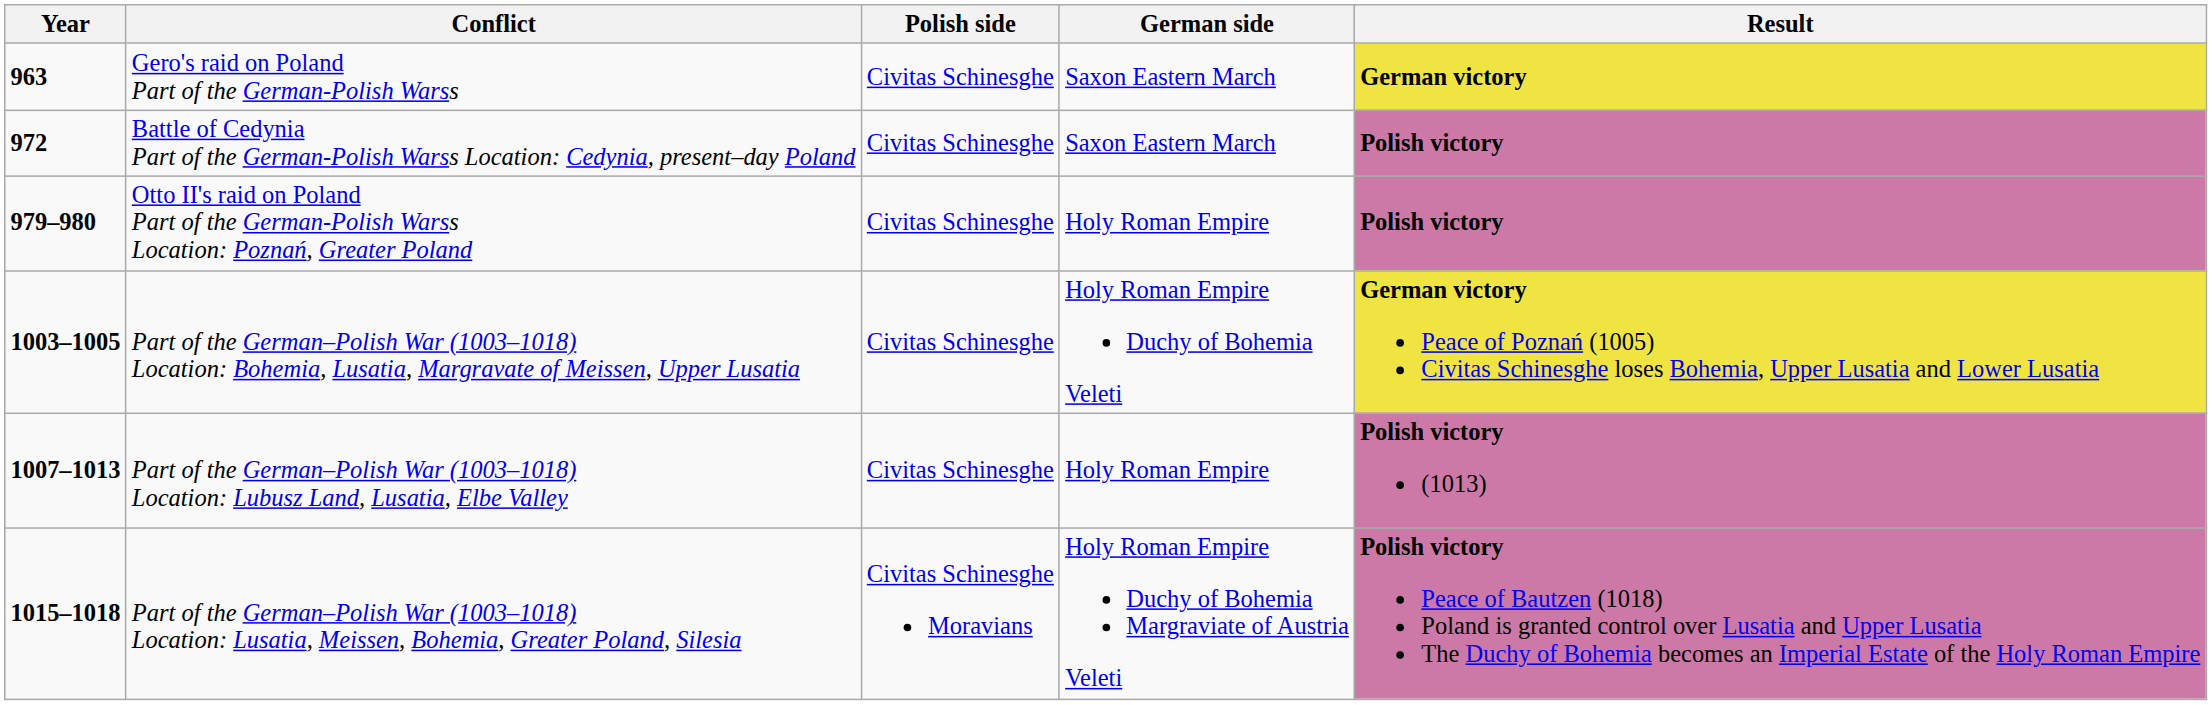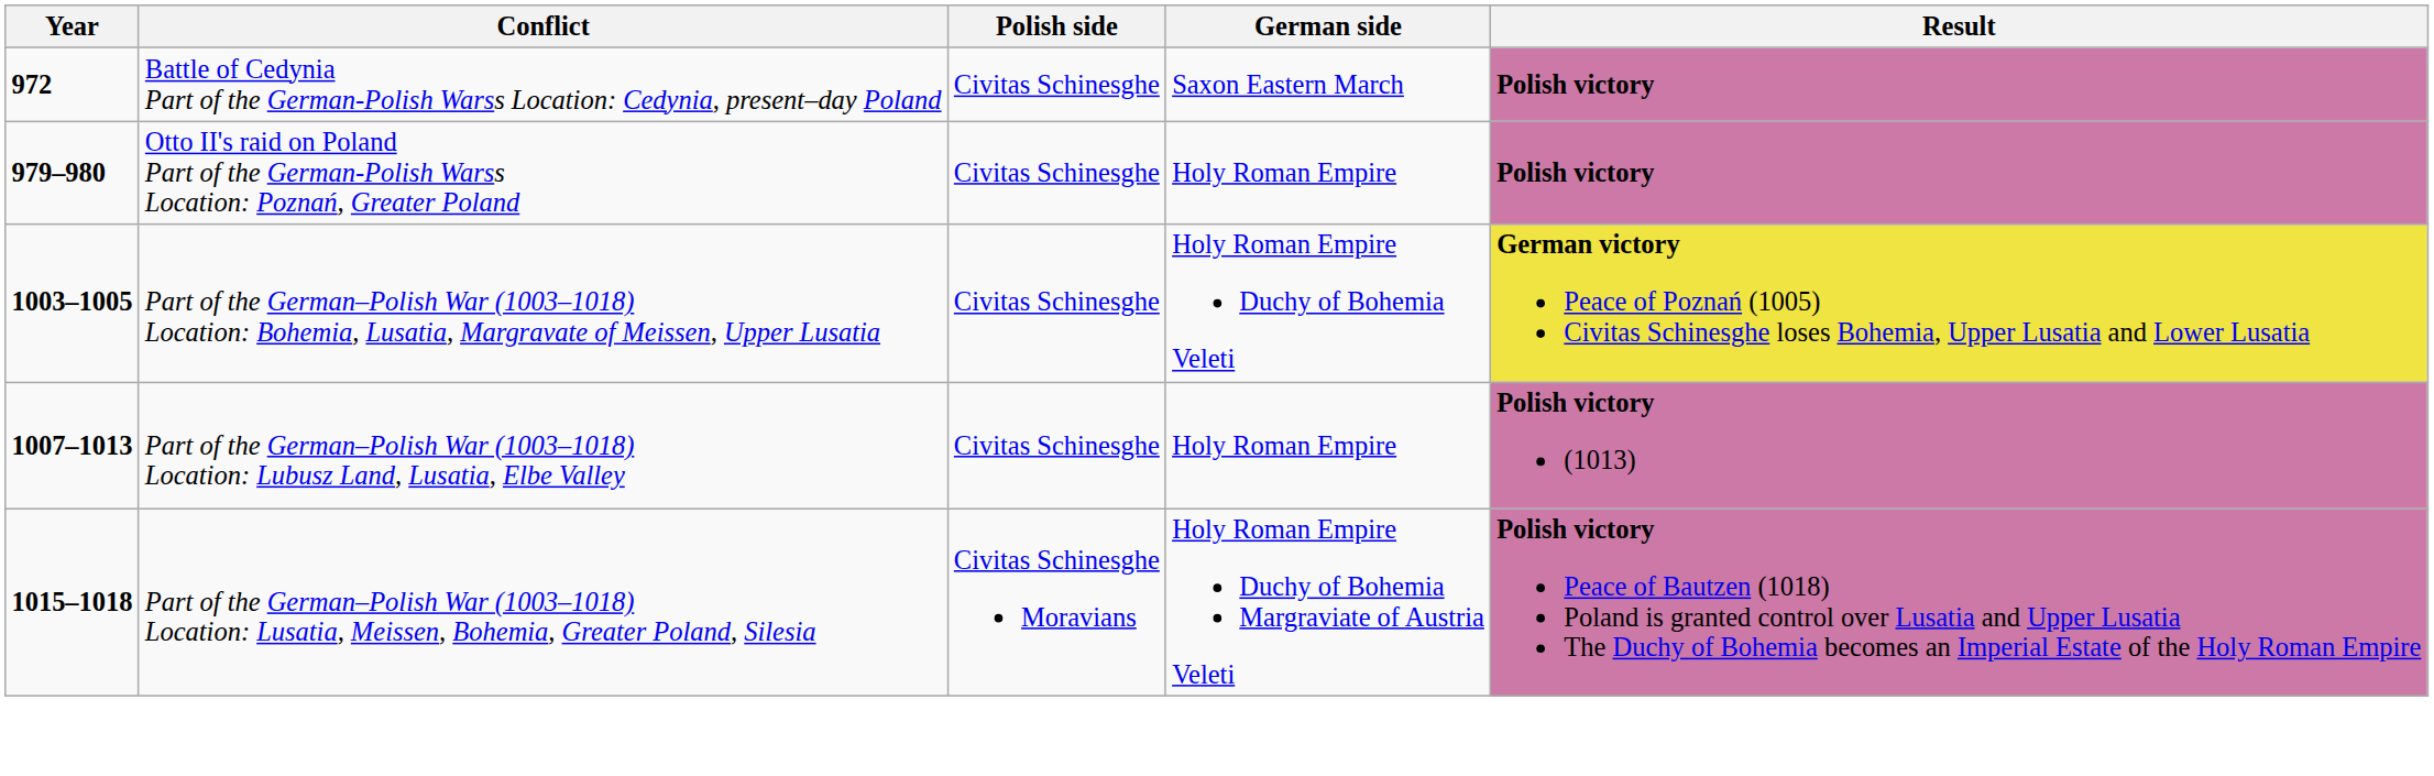 <table class="wikitable">
 <tr>
 <th>Year</th>
 <th>Conflict</th>
 <th>Polish side</th>
 <th>German side</th>
 <th>Result</th>
-</tr>
-<tr>
-<td><strong>963</strong></td>
-<td><a href='#'>Gero's raid on Poland</a><br><em>Part of the <a href='#'>German-Polish Wars</a>s</em></td>
-<td><a href='#'>Civitas Schinesghe</a></td>
-<td><a href='#'>Saxon Eastern March</a></td>
-<td bgcolor="#F0E442"><strong>German victory</strong></td>
 </tr>
 <tr>
 <td><strong>972</strong></td>
 <td><a href='#'>Battle of Cedynia</a><br><em>Part of the <a href='#'>German-Polish Wars</a>s</em> <em>Location: <a href='#'>Cedynia</a>, present–day <a href='#'>Poland</a></em></td>
 <td><a href='#'>Civitas Schinesghe</a></td>
 <td><a href='#'>Saxon Eastern March</a></td>
 <td style="background:#CC79A7"><strong>Polish victory</strong></td>
 </tr>
 <tr>
 <td><strong>979–980</strong></td>
 <td><a href='#'>Otto II's raid on Poland</a><br><em>Part of the <a href='#'>German-Polish Wars</a>s</em><br><em>Location: <a href='#'>Poznań</a>, <a href='#'>Greater Poland</a></em></td>
 <td><a href='#'>Civitas Schinesghe</a></td>
 <td><a href='#'>Holy Roman Empire</a></td>
 <td style="background:#CC79A7"><strong>Polish victory</strong></td>
 </tr>
 <tr>
 <td><strong>1003–1005</strong></td>
 <td><br><em>Part of the <a href='#'>German–Polish War (1003–1018)</a></em><br><em>Location: <a href='#'>Bohemia</a>, <a href='#'>Lusatia</a>, <a href='#'>Margravate of Meissen</a>, <a href='#'>Upper Lusatia</a></em></td>
 <td><a href='#'>Civitas Schinesghe</a></td>
 <td><a href='#'>Holy Roman Empire</a><br><ul><li><a href='#'>Duchy of Bohemia</a></li></ul><a href='#'>Veleti</a></td>
 <td bgcolor="#F0E442"><strong>German victory</strong><br><ul><li><a href='#'>Peace of Poznań</a> (1005)</li><li><a href='#'>Civitas Schinesghe</a> loses <a href='#'>Bohemia</a>, <a href='#'>Upper Lusatia</a> and <a href='#'>Lower Lusatia</a></li></ul></td>
 </tr>
 <tr>
 <td><strong>1007–1013</strong></td>
 <td><br><em>Part of the <a href='#'>German–Polish War (1003–1018)</a></em><br><em>Location: <a href='#'>Lubusz Land</a>, <a href='#'>Lusatia</a>, <a href='#'>Elbe Valley</a></em></td>
 <td><a href='#'>Civitas Schinesghe</a></td>
 <td><a href='#'>Holy Roman Empire</a></td>
 <td style="background:#CC79A7"><strong>Polish victory</strong><br><ul><li> (1013)</li></ul></td>
 </tr>
 <tr>
 <td><strong>1015–1018</strong></td>
 <td><br><em>Part of the <a href='#'>German–Polish War (1003–1018)</a></em><br><em>Location: <a href='#'>Lusatia</a>, <a href='#'>Meissen</a>, <a href='#'>Bohemia</a>, <a href='#'>Greater Poland</a>, <a href='#'>Silesia</a></em></td>
 <td><a href='#'>Civitas Schinesghe</a><br><ul><li><a href='#'>Moravians</a></li></ul></td>
 <td><a href='#'>Holy Roman Empire</a><br><ul><li><a href='#'>Duchy of Bohemia</a></li><li><a href='#'>Margraviate of Austria</a></li></ul><a href='#'>Veleti</a></td>
 <td style="background:#CC79A7"><strong>Polish victory</strong><br><ul><li><a href='#'>Peace of Bautzen</a> (1018)</li><li>Poland is granted control over <a href='#'>Lusatia</a> and <a href='#'>Upper Lusatia</a></li><li>The <a href='#'>Duchy of Bohemia</a> becomes an <a href='#'>Imperial Estate</a> of the <a href='#'>Holy Roman Empire</a></li></ul></td>
 </tr>
 </table>
